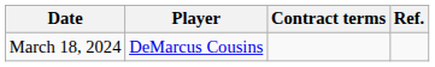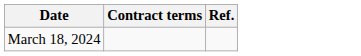 <table class="wikitable">
 <tr>
 <th>Date</th>
-<th>Player</th>
 <th>Contract terms</th>
 <th>Ref.</th>
 </tr>
 <tr>
 <td>March 18, 2024</td>
-<td><a href='#'>DeMarcus Cousins</a></td>
 <td></td>
 <td></td>
 </tr>
 </table>
